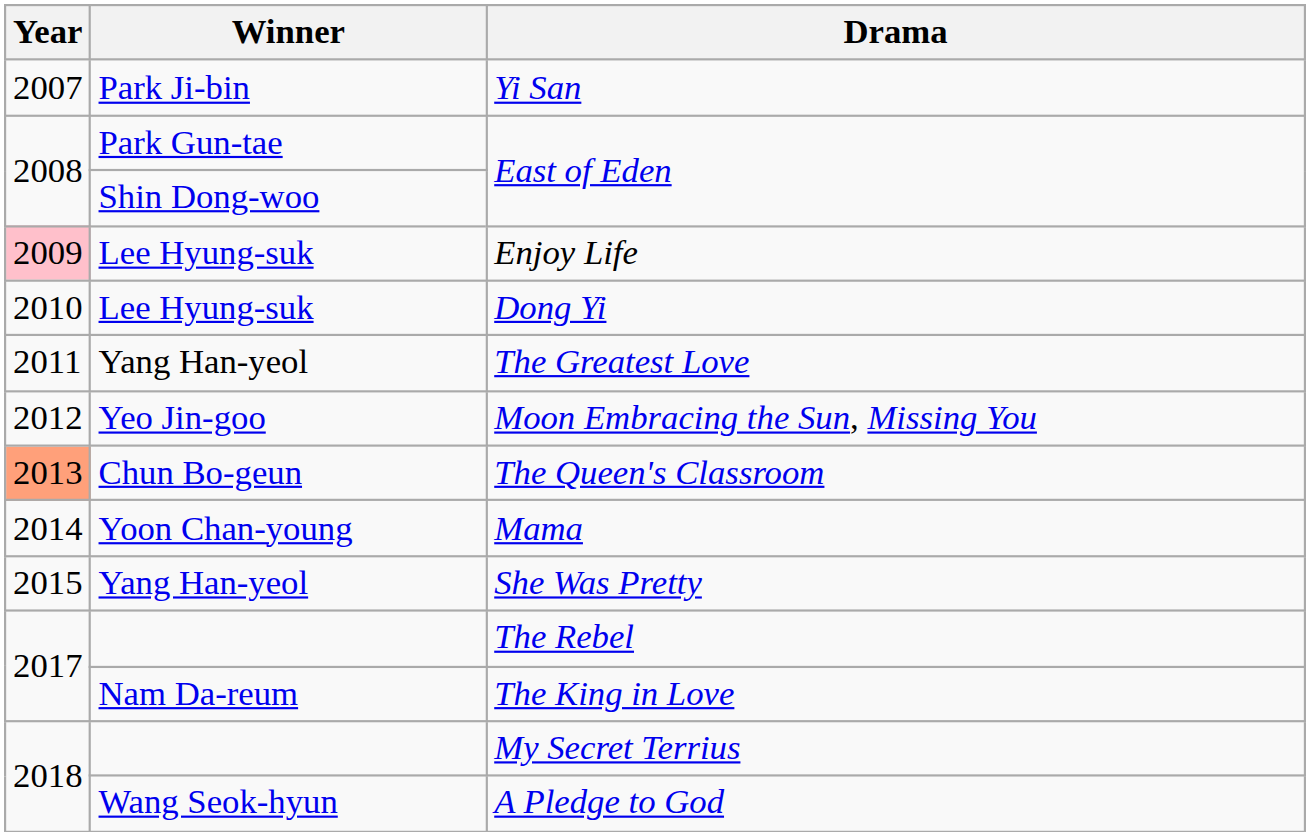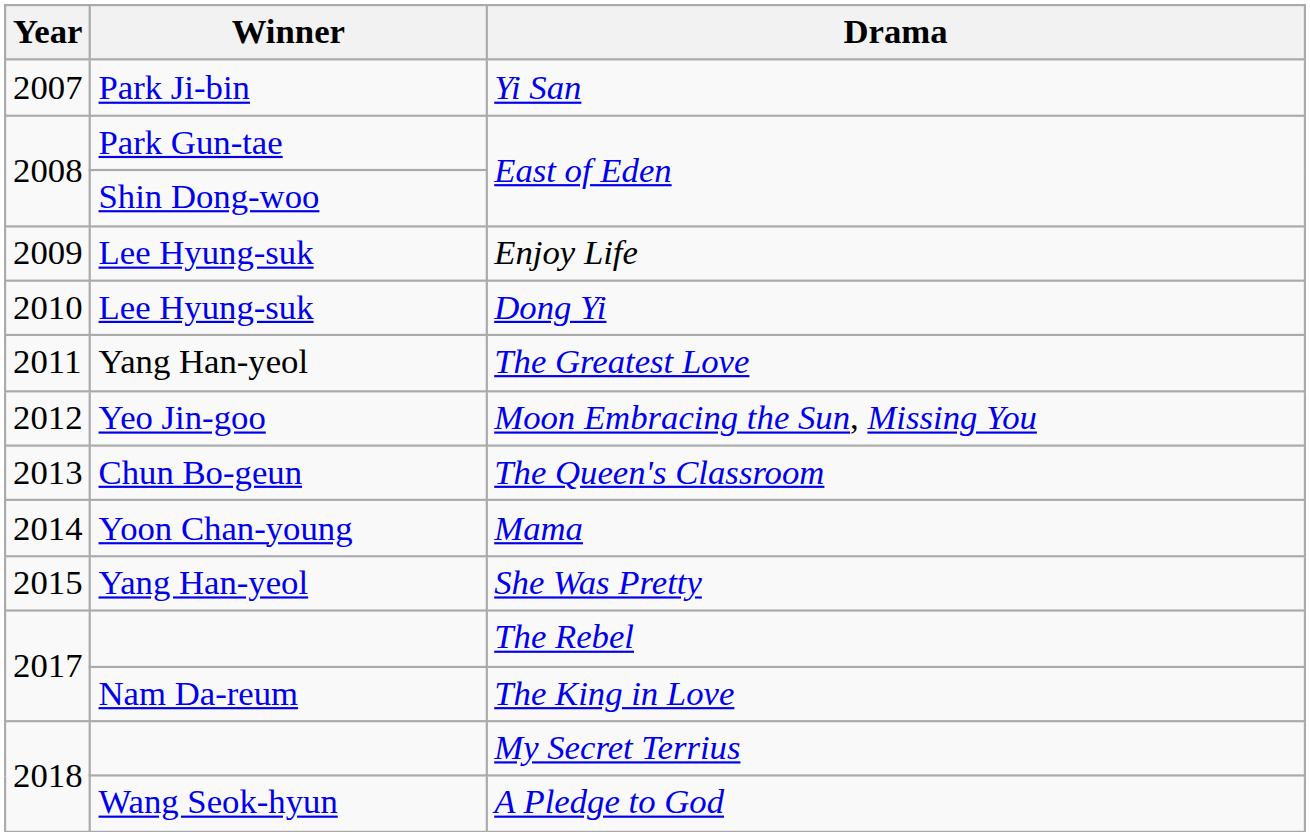 <table class="wikitable" style="width:600px">
 <tr>
 <th width=10>Year</th>
 <th>Winner</th>
 <th>Drama</th>
 </tr>
 <tr>
 <td>2007</td>
 <td><a href='#'>Park Ji-bin</a></td>
 <td><em><a href='#'>Yi San</a></em></td>
 </tr>
 <tr>
 <td rowspan=2>2008</td>
 <td><a href='#'>Park Gun-tae</a></td>
 <td rowspan=2><em><a href='#'>East of Eden</a></em></td>
 </tr>
 <tr>
 <td><a href='#'>Shin Dong-woo</a></td>
 </tr>
 <tr>
-<td style="background: pink;">2009</td>
+<td>2009</td>
 <td><a href='#'>Lee Hyung-suk</a></td>
 <td><em>Enjoy Life</em></td>
 </tr>
 <tr>
 <td>2010</td>
 <td><a href='#'>Lee Hyung-suk</a></td>
 <td><em><a href='#'>Dong Yi</a></em></td>
 </tr>
 <tr>
 <td>2011</td>
 <td>Yang Han-yeol</td>
 <td><em><a href='#'>The Greatest Love</a></em></td>
 </tr>
 <tr>
 <td>2012</td>
 <td><a href='#'>Yeo Jin-goo</a></td>
 <td><em><a href='#'>Moon Embracing the Sun</a></em>, <em><a href='#'>Missing You</a></em></td>
 </tr>
 <tr>
-<td style="background: lightsalmon;">2013</td>
+<td>2013</td>
 <td><a href='#'>Chun Bo-geun</a></td>
 <td><em><a href='#'>The Queen's Classroom</a></em></td>
 </tr>
 <tr>
 <td>2014</td>
 <td><a href='#'>Yoon Chan-young</a></td>
 <td><em><a href='#'>Mama</a></em></td>
 </tr>
 <tr>
 <td>2015</td>
 <td><a href='#'>Yang Han-yeol</a></td>
 <td><em><a href='#'>She Was Pretty</a></em></td>
 </tr>
 <tr>
 <td rowspan=2>2017</td>
 <td></td>
 <td><em><a href='#'>The Rebel</a></em></td>
 </tr>
 <tr>
 <td><a href='#'>Nam Da-reum</a></td>
 <td><em><a href='#'>The King in Love</a></em></td>
 </tr>
 <tr>
 <td rowspan=2>2018</td>
 <td></td>
 <td><em><a href='#'>My Secret Terrius</a></em></td>
 </tr>
 <tr>
 <td><a href='#'>Wang Seok-hyun</a></td>
 <td><em><a href='#'>A Pledge to God</a></em></td>
 </tr>
 </table>
